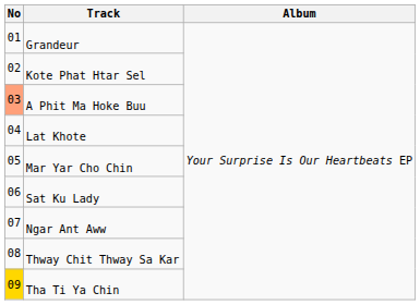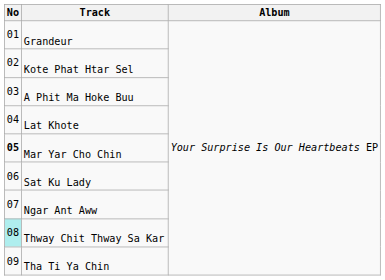 <table class="wikitable">
 <tr>
 <th scope="col">No</th>
 <th scope="col" style="width:14em;">Track</th>
 <th scope="col">Album</th>
 </tr>
 <tr>
 <td>01</td>
 <td><br>Grandeur</td>
 <td rowspan="9"><em>Your Surprise Is Our Heartbeats</em> EP</td>
 </tr>
 <tr>
 <td>02</td>
 <td><br>Kote Phat Htar Sel</td>
 </tr>
 <tr>
-<td style="background: lightsalmon;">03</td>
+<td>03</td>
 <td><br>A Phit Ma Hoke Buu</td>
 </tr>
 <tr>
 <td>04</td>
 <td><br>Lat Khote</td>
 </tr>
 <tr>
-<td>05</td>
+<td><strong>05</strong></td>
 <td><br>Mar Yar Cho Chin</td>
 </tr>
 <tr>
 <td>06</td>
 <td><br>Sat Ku Lady</td>
 </tr>
 <tr>
 <td>07</td>
 <td><br>Ngar Ant Aww</td>
 </tr>
 <tr>
-<td>08</td>
+<td style="background: paleturquoise;">08</td>
 <td><br>Thway Chit Thway Sa Kar</td>
 </tr>
 <tr>
-<td style="background: gold;">09</td>
+<td>09</td>
 <td><br>Tha Ti Ya Chin</td>
 </tr>
 </table>
